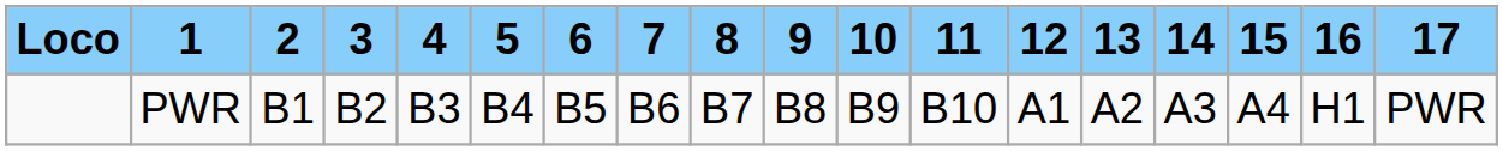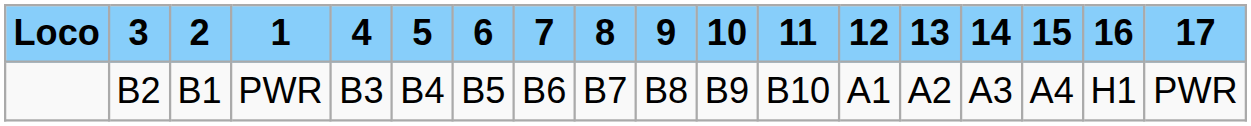 <table class="wikitable plainrowheaders unsortable" style="text-align:center">
 <tr>
 <th scope="col" rowspan="1" style="background:lightskyblue;">Loco</th>
+<th scope="col" rowspan="1" style="background:lightskyblue;">3</th>
+<th scope="col" rowspan="1" style="background:lightskyblue;">2</th>
 <th scope="col" rowspan="1" style="background:lightskyblue;">1</th>
-<th scope="col" rowspan="1" style="background:lightskyblue;">2</th>
-<th scope="col" rowspan="1" style="background:lightskyblue;">3</th>
 <th scope="col" rowspan="1" style="background:lightskyblue;">4</th>
 <th scope="col" rowspan="1" style="background:lightskyblue;">5</th>
 <th scope="col" rowspan="1" style="background:lightskyblue;">6</th>
 <th scope="col" rowspan="1" style="background:lightskyblue;">7</th>
 <th scope="col" rowspan="1" style="background:lightskyblue;">8</th>
 <th scope="col" rowspan="1" style="background:lightskyblue;">9</th>
 <th scope="col" rowspan="1" style="background:lightskyblue;">10</th>
 <th scope="col" rowspan="1" style="background:lightskyblue;">11</th>
 <th scope="col" rowspan="1" style="background:lightskyblue;">12</th>
 <th scope="col" rowspan="1" style="background:lightskyblue;">13</th>
 <th scope="col" rowspan="1" style="background:lightskyblue;">14</th>
 <th scope="col" rowspan="1" style="background:lightskyblue;">15</th>
 <th scope="col" rowspan="1" style="background:lightskyblue;">16</th>
 <th scope="col" rowspan="1" style="background:lightskyblue;">17</th>
 </tr>
 <tr>
 <td></td>
+<td>B2</td>
+<td>B1</td>
 <td>PWR</td>
-<td>B1</td>
-<td>B2</td>
 <td>B3</td>
 <td>B4</td>
 <td>B5</td>
 <td>B6</td>
 <td>B7</td>
 <td>B8</td>
 <td>B9</td>
 <td>B10</td>
 <td>A1</td>
 <td>A2</td>
 <td>A3</td>
 <td>A4</td>
 <td>H1</td>
 <td>PWR</td>
 </tr>
 </table>
